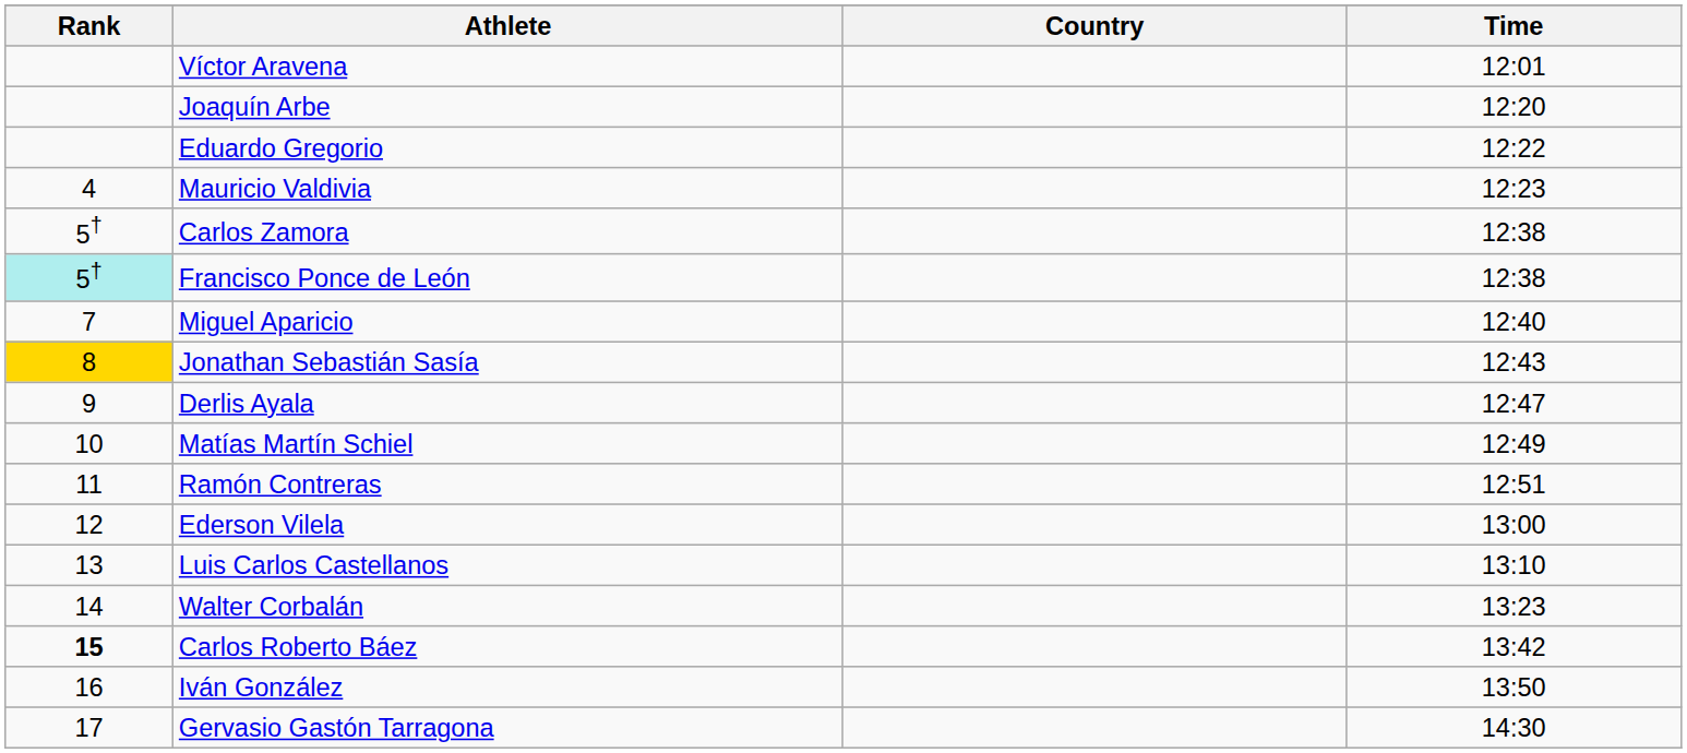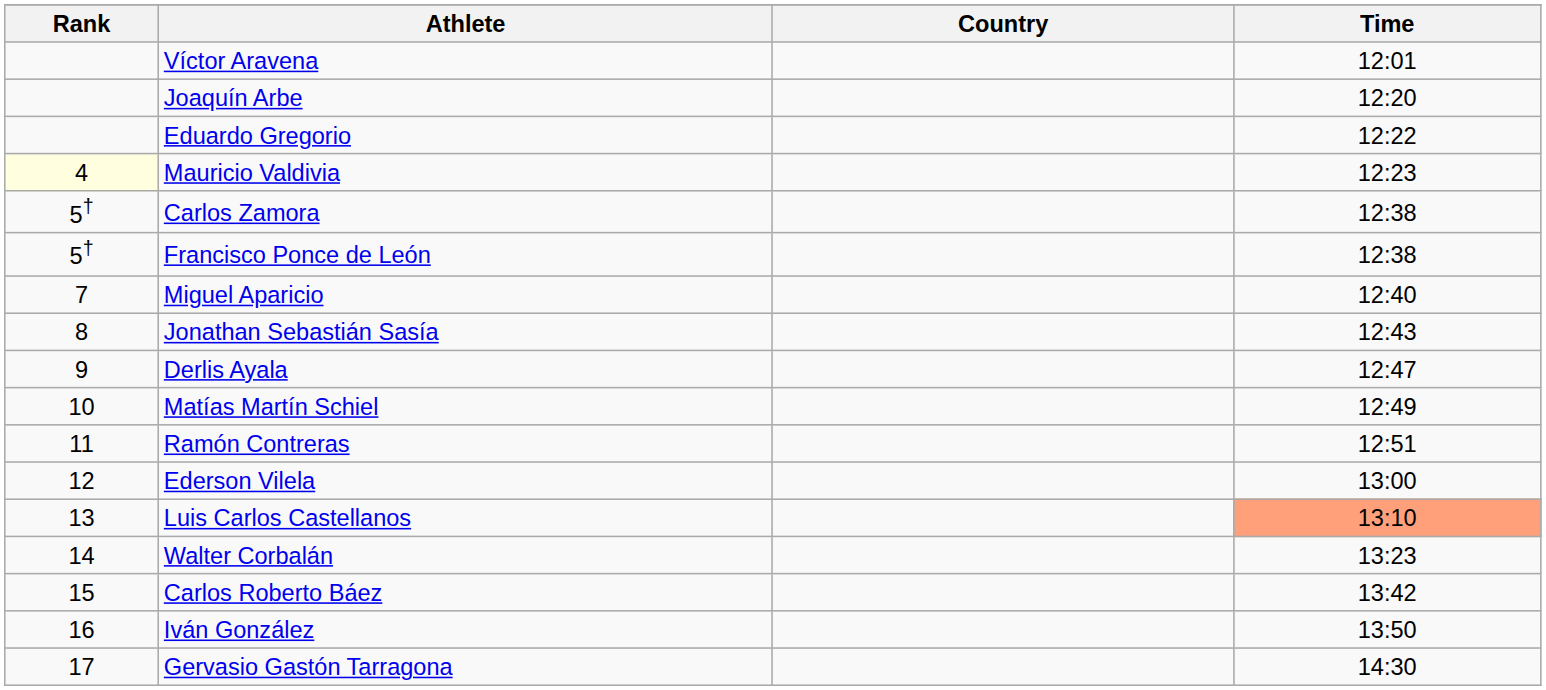 <table class="wikitable sortable" style=" text-align:center; font-size:95%;" width="50%">
 <tr>
 </tr>
 <tr>
 <th width=5%>Rank</th>
 <th width=20%>Athlete</th>
 <th width=15%>Country</th>
 <th width=10%>Time</th>
 </tr>
 <tr>
 <td align=center></td>
 <td align=left><a href='#'>Víctor Aravena</a></td>
 <td align=left></td>
 <td>12:01</td>
 </tr>
 <tr>
 <td align=center></td>
 <td align=left><a href='#'>Joaquín Arbe</a></td>
 <td align=left></td>
 <td>12:20</td>
 </tr>
 <tr>
 <td align=center></td>
 <td align=left><a href='#'>Eduardo Gregorio</a></td>
 <td align=left></td>
 <td>12:22</td>
 </tr>
 <tr>
-<td align=center>4</td>
+<td align=center style="background: lightyellow;">4</td>
 <td align=left><a href='#'>Mauricio Valdivia</a></td>
 <td align=left></td>
 <td>12:23</td>
 </tr>
 <tr>
 <td align=center>5<sup>†</sup></td>
 <td align=left><a href='#'>Carlos Zamora</a></td>
 <td align=left></td>
 <td>12:38</td>
 </tr>
 <tr>
-<td align=center style="background: paleturquoise;">5<sup>†</sup></td>
+<td align=center>5<sup>†</sup></td>
 <td align=left><a href='#'>Francisco Ponce de León</a></td>
 <td align=left></td>
 <td>12:38</td>
 </tr>
 <tr>
 <td align=center>7</td>
 <td align=left><a href='#'>Miguel Aparicio</a></td>
 <td align=left></td>
 <td>12:40</td>
 </tr>
 <tr>
-<td align=center style="background: gold;">8</td>
+<td align=center>8</td>
 <td align=left><a href='#'>Jonathan Sebastián Sasía</a></td>
 <td align=left></td>
 <td>12:43</td>
 </tr>
 <tr>
 <td align=center>9</td>
 <td align=left><a href='#'>Derlis Ayala</a></td>
 <td align=left></td>
 <td>12:47</td>
 </tr>
 <tr>
 <td align=center>10</td>
 <td align=left><a href='#'>Matías Martín Schiel</a></td>
 <td align=left></td>
 <td>12:49</td>
 </tr>
 <tr>
 <td align=center>11</td>
 <td align=left><a href='#'>Ramón Contreras</a></td>
 <td align=left></td>
 <td>12:51</td>
 </tr>
 <tr>
 <td align=center>12</td>
 <td align=left><a href='#'>Ederson Vilela</a></td>
 <td align=left></td>
 <td>13:00</td>
 </tr>
 <tr>
 <td align=center>13</td>
 <td align=left><a href='#'>Luis Carlos Castellanos</a></td>
 <td align=left></td>
-<td>13:10</td>
+<td style="background: lightsalmon;">13:10</td>
 </tr>
 <tr>
 <td align=center>14</td>
 <td align=left><a href='#'>Walter Corbalán</a></td>
 <td align=left></td>
 <td>13:23</td>
 </tr>
 <tr>
-<td align=center><strong>15</strong></td>
+<td align=center>15</td>
 <td align=left><a href='#'>Carlos Roberto Báez</a></td>
 <td align=left></td>
 <td>13:42</td>
 </tr>
 <tr>
 <td align=center>16</td>
 <td align=left><a href='#'>Iván González</a></td>
 <td align=left></td>
 <td>13:50</td>
 </tr>
 <tr>
 <td align=center>17</td>
 <td align=left><a href='#'>Gervasio Gastón Tarragona</a></td>
 <td align=left></td>
 <td>14:30</td>
 </tr>
 </table>
